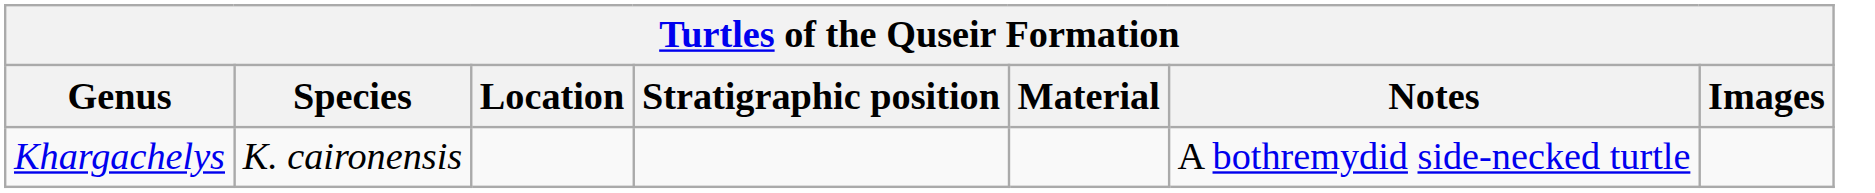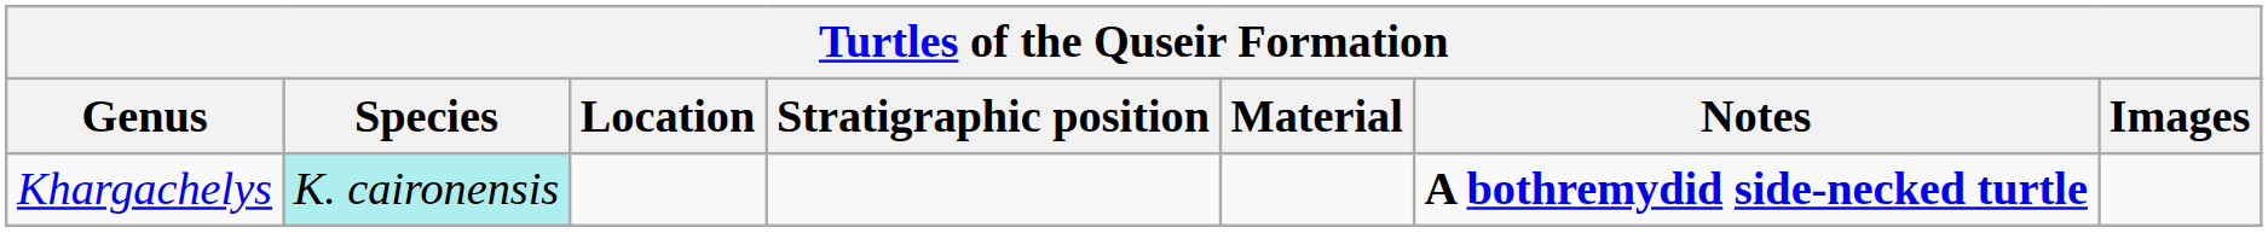 <table class="wikitable" align="center">
 <tr>
 <th colspan="7" align="center"><a href='#'>Turtles</a> of the Quseir Formation</th>
 </tr>
 <tr>
 <th>Genus</th>
 <th>Species</th>
 <th>Location</th>
 <th>Stratigraphic position</th>
 <th>Material</th>
 <th>Notes</th>
 <th>Images</th>
 </tr>
 <tr>
 <td><em><a href='#'>Khargachelys</a></em></td>
-<td><em>K. caironensis</em></td>
+<td style="background: paleturquoise;"><em>K. caironensis</em></td>
 <td></td>
 <td></td>
 <td></td>
-<td>A <a href='#'>bothremydid</a> <a href='#'>side-necked turtle</a></td>
+<td><strong>A <a href='#'>bothremydid</a> <a href='#'>side-necked turtle</a></strong></td>
 <td></td>
 </tr>
 </table>
